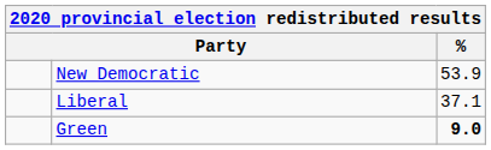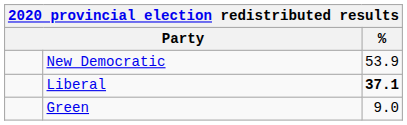 <table class="wikitable">
 <tr>
 <th colspan="4"><a href='#'>2020 provincial election</a> redistributed results</th>
 </tr>
 <tr>
 <th bgcolor="#DDDDFF" width="130px" colspan="2">Party</th>
 <th bgcolor="#DDDDFF" width="30px">%</th>
 </tr>
 <tr>
 <td> </td>
 <td><a href='#'>New Democratic</a></td>
 <td align=right>53.9</td>
 </tr>
 <tr>
 <td> </td>
 <td><a href='#'>Liberal</a></td>
-<td align=right>37.1</td>
+<td align=right><strong>37.1</strong></td>
 </tr>
 <tr>
 <td> </td>
 <td><a href='#'>Green</a></td>
-<td align=right><strong>9.0</strong></td>
+<td align=right>9.0</td>
 </tr>
 </table>
